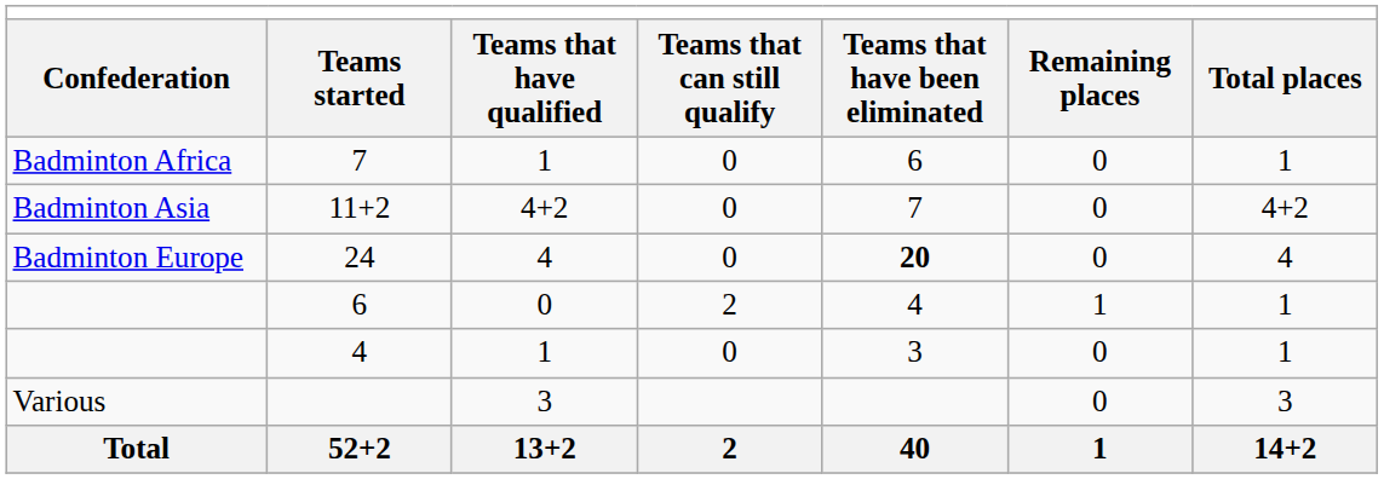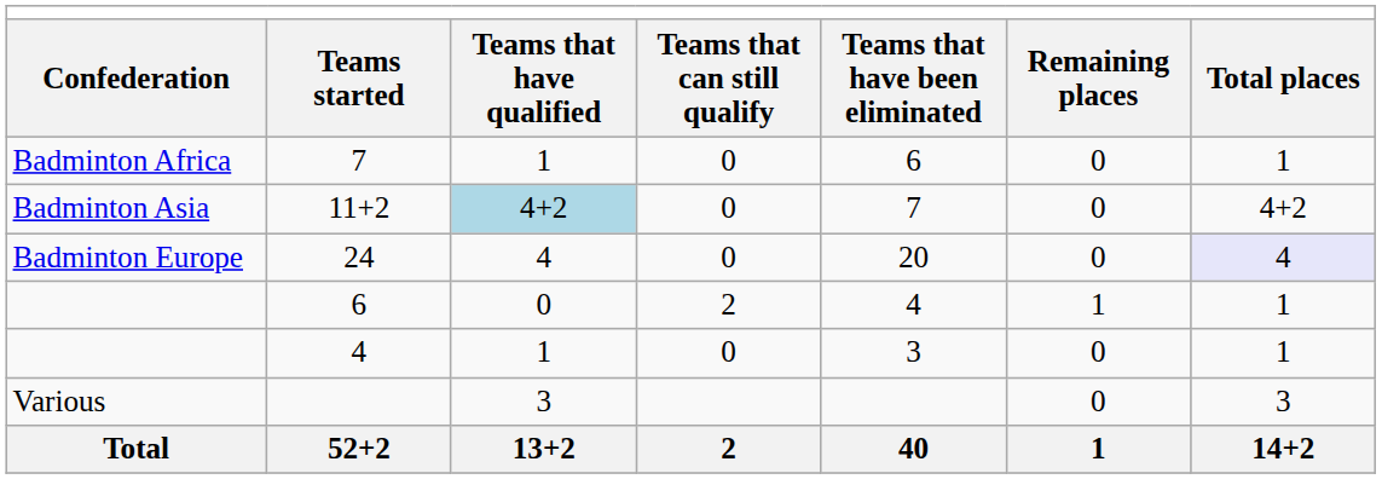 <table class="wikitable" style="text-align: center;margin: 0.5em auto;">
 <tr>
 <td colspan=10 bgcolor=white></td>
 </tr>
 <tr>
 <th width=130>Confederation</th>
 <th width=90>Teams started</th>
 <th width=90>Teams that have qualified</th>
 <th width=90>Teams that can still qualify</th>
 <th width=90>Teams that have been eliminated</th>
 <th width=90>Remaining places </th>
 <th width=90>Total places </th>
 </tr>
 <tr>
 <td align=left><a href='#'>Badminton Africa</a></td>
 <td>7</td>
 <td>1</td>
 <td>0</td>
 <td>6</td>
 <td>0</td>
 <td>1</td>
 </tr>
 <tr>
 <td align=left><a href='#'>Badminton Asia</a></td>
 <td>11+2</td>
-<td>4+2</td>
+<td style="background: lightblue;">4+2</td>
 <td>0</td>
 <td>7</td>
 <td>0</td>
 <td>4+2</td>
 </tr>
 <tr>
 <td align=left><a href='#'>Badminton Europe</a></td>
 <td>24</td>
 <td>4</td>
 <td>0</td>
-<td><strong>20</strong></td>
+<td>20</td>
 <td>0</td>
-<td>4</td>
+<td style="background: lavender;">4</td>
 </tr>
 <tr>
 <td align=left></td>
 <td>6</td>
 <td>0</td>
 <td>2</td>
 <td>4</td>
 <td>1</td>
 <td>1</td>
 </tr>
 <tr>
 <td align=left></td>
 <td>4</td>
 <td>1</td>
 <td>0</td>
 <td>3</td>
 <td>0</td>
 <td>1</td>
 </tr>
 <tr>
 <td align=left>Various</td>
 <td></td>
 <td>3</td>
 <td></td>
 <td></td>
 <td>0</td>
 <td>3</td>
 </tr>
 <tr>
 <th>Total</th>
 <th>52+2</th>
 <th>13+2</th>
 <th>2</th>
 <th>40</th>
 <th>1</th>
 <th>14+2</th>
 </tr>
 </table>
